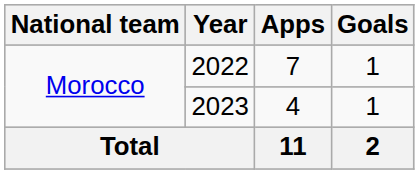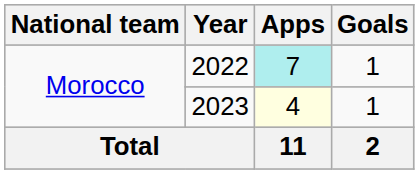 <table class="wikitable" style="text-align:center">
 <tr>
 <th>National team</th>
 <th>Year</th>
 <th>Apps</th>
 <th>Goals</th>
 </tr>
 <tr>
 <td rowspan="2"><a href='#'>Morocco</a></td>
 <td>2022</td>
-<td>7</td>
+<td style="background: paleturquoise;">7</td>
 <td>1</td>
 </tr>
 <tr>
 <td>2023</td>
-<td>4</td>
+<td style="background: lightyellow;">4</td>
 <td>1</td>
 </tr>
 <tr>
 <th colspan="2">Total</th>
 <th>11</th>
 <th>2</th>
 </tr>
 </table>
